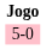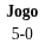 <table>
 <tr>
 <th width=125></th>
 <th width=auto>Jogo</th>
 <th width=125></th>
 </tr>
 <tr>
 <td align=right><strong></strong></td>
-<td align=center style="background: pink;">5-0</td>
+<td align=center>5-0</td>
 <td align=left></td>
 </tr>
 </table>
